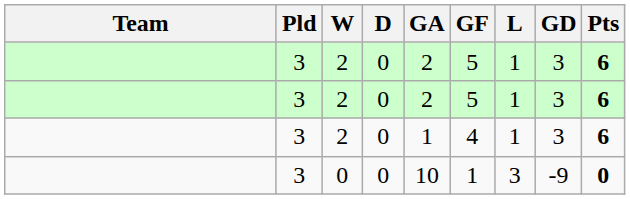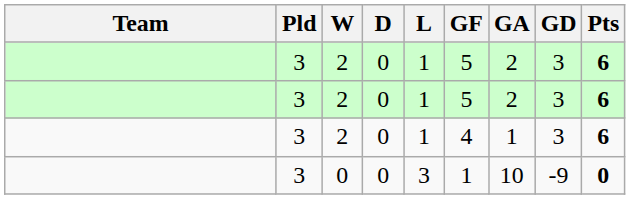 <table class="wikitable" style="text-align: center;">
 <tr>
 <th width=175>Team</th>
 <th width=20 abbr="Played">Pld</th>
 <th width=20 abbr="Won">W</th>
 <th width=20 abbr="Drawn">D</th>
+<th width=20 abbr="Lost">L</th>
+<th width=20 abbr="Goals for">GF</th>
 <th width=20 abbr="Goals against">GA</th>
-<th width=20 abbr="Goals for">GF</th>
-<th width=20 abbr="Lost">L</th>
 <th width=20 abbr="Goal difference">GD</th>
 <th width=20 abbr="Points">Pts</th>
 </tr>
 <tr bgcolor=#ccffcc>
 <td></td>
 <td>3</td>
 <td>2</td>
 <td>0</td>
+<td>1</td>
+<td>5</td>
 <td>2</td>
-<td>5</td>
-<td>1</td>
 <td>3</td>
 <td><strong>6</strong></td>
 </tr>
 <tr bgcolor=#ccffcc>
 <td></td>
 <td>3</td>
 <td>2</td>
 <td>0</td>
+<td>1</td>
+<td>5</td>
 <td>2</td>
-<td>5</td>
-<td>1</td>
 <td>3</td>
 <td><strong>6</strong></td>
 </tr>
 <tr>
 <td></td>
 <td>3</td>
 <td>2</td>
 <td>0</td>
 <td>1</td>
 <td>4</td>
 <td>1</td>
 <td>3</td>
 <td><strong>6</strong></td>
 </tr>
 <tr>
 <td></td>
 <td>3</td>
 <td>0</td>
 <td>0</td>
+<td>3</td>
+<td>1</td>
 <td>10</td>
-<td>1</td>
-<td>3</td>
 <td>-9</td>
 <td><strong>0</strong></td>
 </tr>
 </table>
